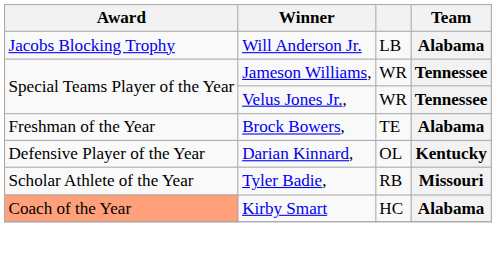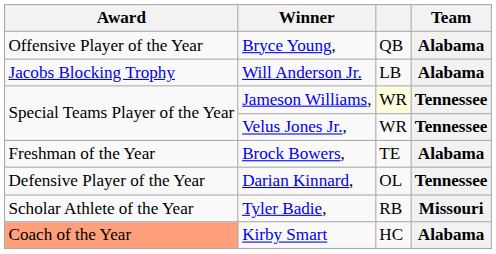 <table class="wikitable" border="0">
 <tr>
 <th>Award</th>
 <th>Winner</th>
 <th></th>
 <th>Team</th>
+</tr>
+<tr>
+<td>Offensive Player of the Year</td>
+<td><a href='#'>Bryce Young</a>, </td>
+<td>QB</td>
+<th>Alabama</th>
 </tr>
 <tr>
 <td><a href='#'>Jacobs Blocking Trophy</a></td>
 <td><a href='#'>Will Anderson Jr.</a> </td>
 <td>LB</td>
 <th>Alabama</th>
 </tr>
 <tr>
 <td rowspan=2>Special Teams Player of the Year</td>
 <td><a href='#'>Jameson Williams</a>, </td>
-<td>WR</td>
+<td style="background: lightyellow;">WR</td>
 <th>Tennessee</th>
 </tr>
 <tr>
 <td><a href='#'>Velus Jones Jr.</a>, </td>
 <td>WR</td>
 <th>Tennessee</th>
 </tr>
 <tr>
 <td>Freshman of the Year</td>
 <td><a href='#'>Brock Bowers</a>, </td>
 <td>TE</td>
 <th>Alabama</th>
 </tr>
 <tr>
 <td>Defensive Player of the Year</td>
 <td><a href='#'>Darian Kinnard</a>, </td>
 <td>OL</td>
-<th>Kentucky</th>
+<th>Tennessee</th>
 </tr>
 <tr>
 <td>Scholar Athlete of the Year</td>
 <td><a href='#'>Tyler Badie</a>, </td>
 <td>RB</td>
 <th>Missouri</th>
 </tr>
 <tr>
 <td style="background: lightsalmon;">Coach of the Year</td>
 <td><a href='#'>Kirby Smart</a></td>
 <td>HC</td>
 <th>Alabama</th>
 </tr>
 <tr>
 </tr>
 </table>
